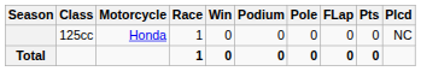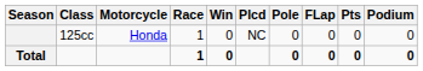 <table class="wikitable" style=text-align:right>
 <tr>
 <th>Season</th>
 <th>Class</th>
 <th>Motorcycle</th>
 <th>Race</th>
 <th>Win</th>
-<th>Podium</th>
+<th>Plcd</th>
 <th>Pole</th>
 <th>FLap</th>
 <th>Pts</th>
-<th>Plcd</th>
+<th>Podium</th>
 </tr>
 <tr>
 <th></th>
 <td>125cc</td>
 <td><a href='#'>Honda</a></td>
 <td>1</td>
 <td>0</td>
+<td>NC</td>
 <td>0</td>
 <td>0</td>
 <td>0</td>
 <td>0</td>
-<td>NC</td>
 </tr>
 <tr>
 <th>Total</th>
 <td></td>
 <td></td>
 <td><strong>1</strong></td>
 <td><strong>0</strong></td>
+<td></td>
 <td><strong>0</strong></td>
 <td><strong>0</strong></td>
 <td><strong>0</strong></td>
 <td><strong>0</strong></td>
-<td></td>
 </tr>
 </table>
